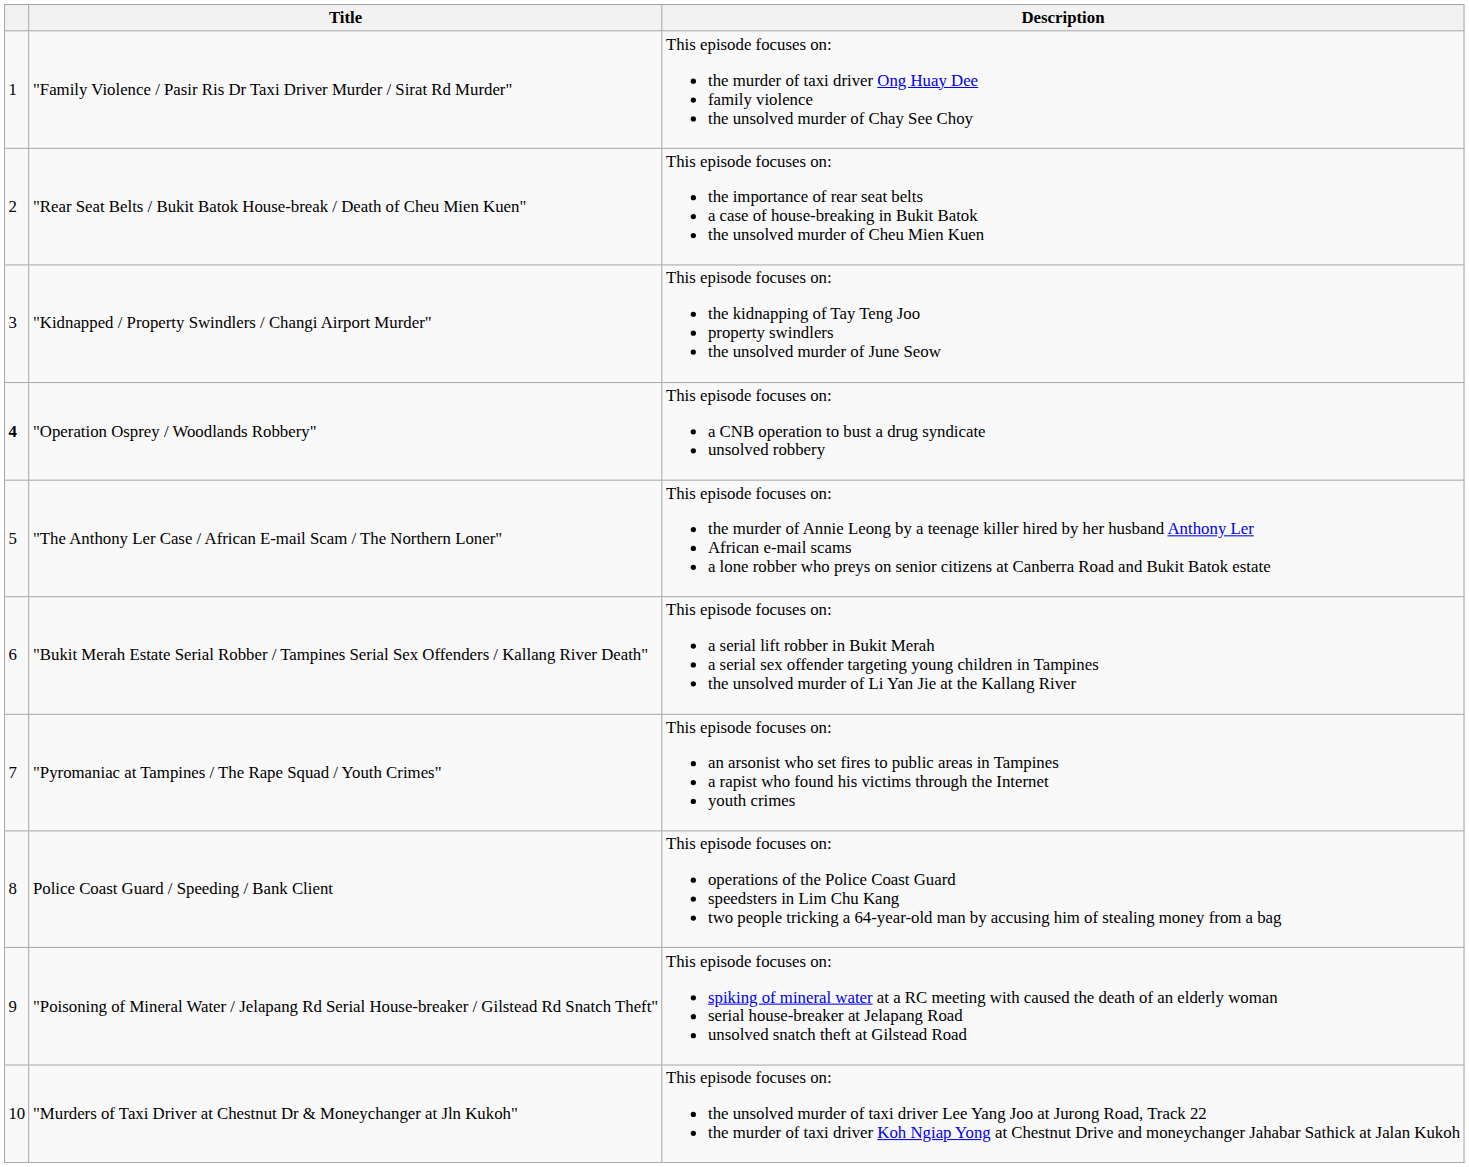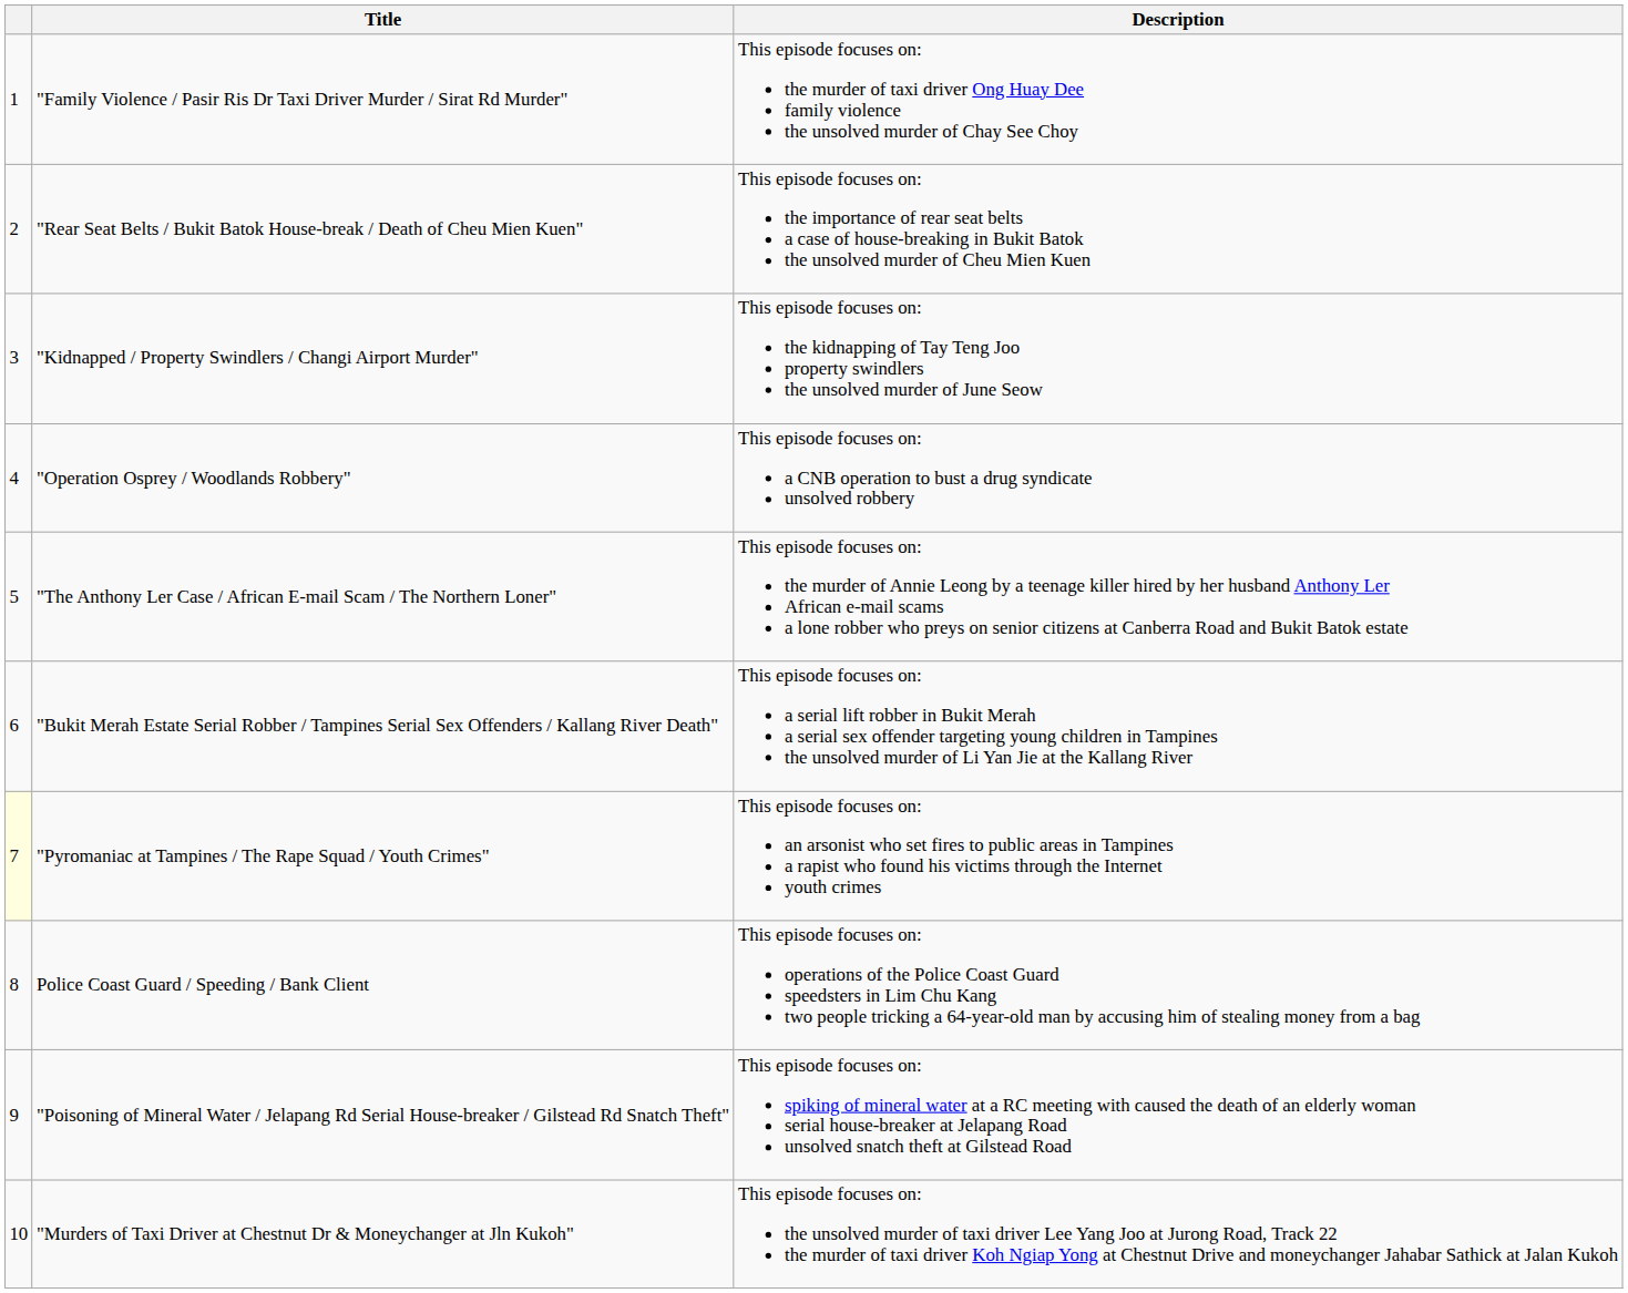 <table class="wikitable">
 <tr>
 <th></th>
 <th>Title</th>
 <th>Description</th>
 </tr>
 <tr>
 <td>1</td>
 <td>"Family Violence / Pasir Ris Dr Taxi Driver Murder / Sirat Rd Murder"</td>
 <td>This episode focuses on:<br><ul><li>the murder of taxi driver <a href='#'>Ong Huay Dee</a></li><li>family violence</li><li>the unsolved murder of Chay See Choy</li></ul></td>
 </tr>
 <tr>
 <td>2</td>
 <td>"Rear Seat Belts / Bukit Batok House-break / Death of Cheu Mien Kuen"</td>
 <td>This episode focuses on:<br><ul><li>the importance of rear seat belts</li><li>a case of house-breaking in Bukit Batok</li><li>the unsolved murder of Cheu Mien Kuen</li></ul></td>
 </tr>
 <tr>
 <td>3</td>
 <td>"Kidnapped / Property Swindlers / Changi Airport Murder"</td>
 <td>This episode focuses on:<br><ul><li>the kidnapping of Tay Teng Joo</li><li>property swindlers</li><li>the unsolved murder of June Seow</li></ul></td>
 </tr>
 <tr>
-<td><strong>4</strong></td>
+<td>4</td>
 <td>"Operation Osprey / Woodlands Robbery"</td>
 <td>This episode focuses on:<br><ul><li>a CNB operation to bust a drug syndicate</li><li>unsolved robbery</li></ul></td>
 </tr>
 <tr>
 <td>5</td>
 <td>"The Anthony Ler Case / African E-mail Scam / The Northern Loner"</td>
 <td>This episode focuses on:<br><ul><li>the murder of Annie Leong by a teenage killer hired by her husband <a href='#'>Anthony Ler</a></li><li>African e-mail scams</li><li>a lone robber who preys on senior citizens at Canberra Road and Bukit Batok estate</li></ul></td>
 </tr>
 <tr>
 <td>6</td>
 <td>"Bukit Merah Estate Serial Robber / Tampines Serial Sex Offenders / Kallang River Death"</td>
 <td>This episode focuses on:<br><ul><li>a serial lift robber in Bukit Merah</li><li>a serial sex offender targeting young children in Tampines</li><li>the unsolved murder of Li Yan Jie at the Kallang River</li></ul></td>
 </tr>
 <tr>
-<td>7</td>
+<td style="background: lightyellow;">7</td>
 <td>"Pyromaniac at Tampines / The Rape Squad / Youth Crimes"</td>
 <td>This episode focuses on:<br><ul><li>an arsonist who set fires to public areas in Tampines</li><li>a rapist who found his victims through the Internet</li><li>youth crimes</li></ul></td>
 </tr>
 <tr>
 <td>8</td>
 <td>Police Coast Guard / Speeding / Bank Client</td>
 <td>This episode focuses on:<br><ul><li>operations of the Police Coast Guard</li><li>speedsters in Lim Chu Kang</li><li>two people tricking a 64-year-old man by accusing him of stealing money from a bag</li></ul></td>
 </tr>
 <tr>
 <td>9</td>
 <td>"Poisoning of Mineral Water / Jelapang Rd Serial House-breaker / Gilstead Rd Snatch Theft"</td>
 <td>This episode focuses on:<br><ul><li><a href='#'>spiking of mineral water</a> at a RC meeting with caused the death of an elderly woman</li><li>serial house-breaker at Jelapang Road</li><li>unsolved snatch theft at Gilstead Road</li></ul></td>
 </tr>
 <tr>
 <td>10</td>
 <td>"Murders of Taxi Driver at Chestnut Dr & Moneychanger at Jln Kukoh"</td>
 <td>This episode focuses on:<br><ul><li>the unsolved murder of taxi driver Lee Yang Joo at Jurong Road, Track 22</li><li>the murder of taxi driver <a href='#'>Koh Ngiap Yong</a> at Chestnut Drive and moneychanger Jahabar Sathick at Jalan Kukoh</li></ul></td>
 </tr>
 <tr>
 </tr>
 </table>
